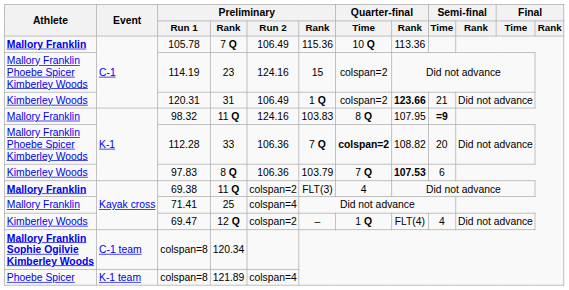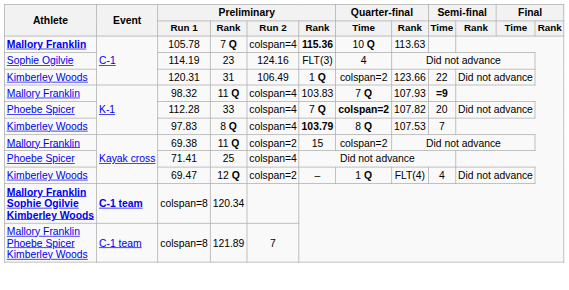 <table class=wikitable style=font-size:90%;text-align:center>
 <tr>
 <th rowspan=2>Athlete</th>
 <th rowspan=2>Event</th>
 <th colspan=4>Preliminary</th>
 <th colspan=2>Quarter-final</th>
 <th colspan=2>Semi-final</th>
 <th colspan=2>Final</th>
 </tr>
 <tr style=font-size:95%>
 <th>Run 1</th>
 <th>Rank</th>
 <th>Run 2</th>
 <th>Rank</th>
 <th>Time</th>
 <th>Rank</th>
 <th>Time</th>
 <th>Rank</th>
 <th>Time</th>
 <th>Rank</th>
 </tr>
 <tr>
 <td align=left><strong><a href='#'>Mallory Franklin</a></strong></td>
 <td align=left rowspan=3><a href='#'>C-1</a></td>
 <td>105.78</td>
 <td>7 <strong>Q</strong></td>
-<td>106.49</td>
-<td>115.36</td>
+<td>colspan=4 </td>
+<td><strong>115.36</strong></td>
 <td>10 <strong>Q</strong></td>
-<td>113.36</td>
+<td>113.63</td>
 <td></td>
 </tr>
 <tr>
-<td align=left><a href='#'>Mallory Franklin</a><br><a href='#'>Phoebe Spicer</a><br><a href='#'>Kimberley Woods</a></td>
+<td align=left><a href='#'>Sophie Ogilvie</a></td>
 <td>114.19</td>
 <td>23</td>
 <td>124.16</td>
-<td>15</td>
-<td>colspan=2 </td>
+<td>FLT(3)</td>
+<td>4</td>
 <td colspan=4>Did  not advance</td>
 </tr>
 <tr>
 <td align=left><a href='#'>Kimberley Woods</a></td>
 <td>120.31</td>
 <td>31</td>
 <td>106.49</td>
 <td>1 <strong>Q</strong></td>
 <td>colspan=2 </td>
-<td><strong>123.66</strong></td>
-<td>21</td>
+<td>123.66</td>
+<td>22</td>
 <td colspan=2>Did not advance</td>
 </tr>
 <tr>
 <td align=left><a href='#'>Mallory Franklin</a></td>
 <td align=left rowspan=3><a href='#'>K-1</a></td>
 <td>98.32</td>
 <td>11 <strong>Q</strong></td>
-<td>124.16</td>
+<td>colspan=4 </td>
 <td>103.83</td>
-<td>8 <strong>Q</strong></td>
-<td>107.95</td>
+<td>7 <strong>Q</strong></td>
+<td>107.93</td>
 <td><strong>=9</strong></td>
 </tr>
 <tr>
-<td align=left><a href='#'>Mallory Franklin</a><br><a href='#'>Phoebe Spicer</a><br><a href='#'>Kimberley Woods</a></td>
+<td align=left><a href='#'>Phoebe Spicer</a></td>
 <td>112.28</td>
 <td>33</td>
-<td>106.36</td>
+<td>colspan=4 </td>
 <td>7 <strong>Q</strong></td>
 <td><strong>colspan=2 </strong></td>
-<td>108.82</td>
+<td>107.82</td>
 <td>20</td>
 <td colspan=2>Did not advance</td>
 </tr>
 <tr>
 <td align=left><a href='#'>Kimberley Woods</a></td>
 <td>97.83</td>
 <td>8 <strong>Q</strong></td>
-<td>106.36</td>
-<td>103.79</td>
-<td>7 <strong>Q</strong></td>
-<td><strong>107.53</strong></td>
-<td>6</td>
+<td>colspan=4 </td>
+<td><strong>103.79</strong></td>
+<td>8 <strong>Q</strong></td>
+<td>107.53</td>
+<td>7</td>
 </tr>
 <tr>
-<td align=left><strong><a href='#'>Mallory Franklin</a></strong></td>
+<td align=left><a href='#'>Mallory Franklin</a></td>
 <td align=left rowspan=3><a href='#'>Kayak cross</a></td>
 <td>69.38</td>
 <td>11 <strong>Q</strong></td>
 <td>colspan=2 </td>
-<td>FLT(3)</td>
-<td>4</td>
+<td>15</td>
+<td>colspan=2 </td>
 <td colspan=4>Did not advance</td>
 </tr>
 <tr>
-<td align=left><a href='#'>Mallory Franklin</a></td>
+<td align=left><a href='#'>Phoebe Spicer</a></td>
 <td>71.41</td>
 <td>25</td>
 <td>colspan=4 </td>
 <td colspan=4>Did not advance</td>
 </tr>
 <tr>
 <td align=left><a href='#'>Kimberley Woods</a></td>
 <td>69.47</td>
 <td>12 <strong>Q</strong></td>
 <td>colspan=2 </td>
 <td>–</td>
 <td>1 <strong>Q</strong></td>
 <td>FLT(4)</td>
 <td>4</td>
 <td colspan=2>Did not advance</td>
 </tr>
 <tr>
 <td align=left><strong><a href='#'>Mallory Franklin</a></strong><br><strong><a href='#'>Sophie Ogilvie</a></strong><br><strong><a href='#'>Kimberley Woods</a></strong></td>
-<td align=left><a href='#'>C-1 team</a></td>
+<td align=left><strong><a href='#'>C-1 team</a></strong></td>
 <td>colspan=8 </td>
 <td>120.34</td>
 <td></td>
 </tr>
 <tr>
-<td align=left><a href='#'>Phoebe Spicer</a></td>
-<td align=left><a href='#'>K-1 team</a></td>
+<td align=left><a href='#'>Mallory Franklin</a><br><a href='#'>Phoebe Spicer</a><br><a href='#'>Kimberley Woods</a></td>
+<td align=left><a href='#'>C-1 team</a></td>
 <td>colspan=8 </td>
 <td>121.89</td>
-<td>colspan=4 </td>
+<td>7</td>
 </tr>
 </table>
